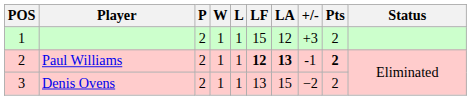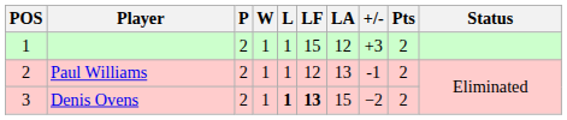 <table class="wikitable" style="text-align:center; margin: 1em auto 1em auto, align:left">
 <tr>
 <th width=20>POS</th>
 <th width=168>Player</th>
 <th width=3>P</th>
 <th width=3>W</th>
 <th width=3>L</th>
 <th width=20>LF</th>
 <th width=20>LA</th>
 <th width=20>+/-</th>
 <th width=20>Pts</th>
 <th width=126>Status</th>
 </tr>
 <tr style="background:#CCFFCC;">
 <td>1</td>
 <td style="text-align:left;"></td>
 <td>2</td>
 <td>1</td>
 <td>1</td>
 <td>15</td>
 <td>12</td>
 <td>+3</td>
 <td>2</td>
 <td rowspan=1></td>
 </tr>
 <tr style="background:#FFCCCC;">
 <td>2</td>
 <td style="text-align:left;"> <a href='#'>Paul Williams</a></td>
 <td>2</td>
 <td>1</td>
 <td>1</td>
-<td><strong>12</strong></td>
-<td><strong>13</strong></td>
+<td>12</td>
+<td>13</td>
 <td>-1</td>
-<td><strong>2</strong></td>
+<td>2</td>
 <td rowspan=2>Eliminated</td>
 </tr>
 <tr style="background:#FFCCCC;">
 <td>3</td>
 <td style="text-align:left;"> <a href='#'>Denis Ovens</a></td>
 <td>2</td>
 <td>1</td>
-<td>1</td>
-<td>13</td>
+<td><strong>1</strong></td>
+<td><strong>13</strong></td>
 <td>15</td>
 <td>−2</td>
 <td>2</td>
 </tr>
 </table>
